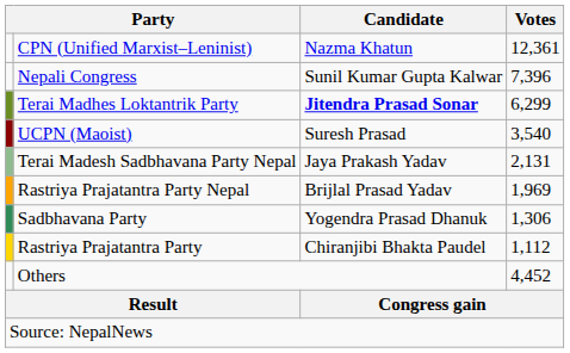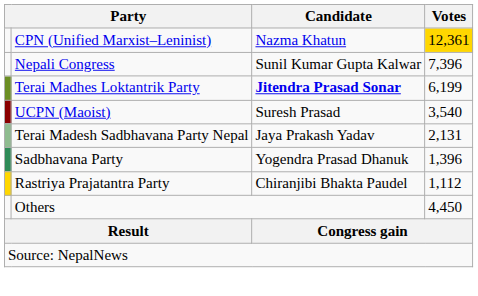 <table class="wikitable">
 <tr>
 <th colspan="2">Party</th>
 <th>Candidate</th>
 <th>Votes</th>
 </tr>
 <tr>
 <td style="background-color:"></td>
 <td><a href='#'>CPN (Unified Marxist–Leninist)</a></td>
 <td><a href='#'>Nazma Khatun</a></td>
-<td>12,361</td>
+<td style="background: gold;">12,361</td>
 </tr>
 <tr>
 <td style="background-color:"></td>
 <td><a href='#'>Nepali Congress</a></td>
 <td>Sunil Kumar Gupta Kalwar</td>
 <td>7,396</td>
 </tr>
 <tr>
 <td style="background-color:olivedrab"></td>
 <td><a href='#'>Terai Madhes Loktantrik Party</a></td>
 <td><strong><a href='#'>Jitendra Prasad Sonar</a></strong></td>
-<td>6,299</td>
+<td>6,199</td>
 </tr>
 <tr>
 <td style="background-color:darkred"></td>
 <td><a href='#'>UCPN (Maoist)</a></td>
 <td>Suresh Prasad</td>
 <td>3,540</td>
 </tr>
 <tr>
 <td style="background-color:darkseagreen"></td>
 <td>Terai Madesh Sadbhavana Party Nepal</td>
 <td>Jaya Prakash Yadav</td>
 <td>2,131</td>
 </tr>
 <tr>
-<td style="background-color:orange"></td>
-<td>Rastriya Prajatantra Party Nepal</td>
-<td>Brijlal Prasad Yadav</td>
-<td>1,969</td>
-</tr>
-<tr>
 <td style="background-color:seagreen"></td>
 <td>Sadbhavana Party</td>
 <td>Yogendra Prasad Dhanuk</td>
-<td>1,306</td>
+<td>1,396</td>
 </tr>
 <tr>
 <td style="background-color:gold"></td>
 <td>Rastriya Prajatantra Party</td>
 <td>Chiranjibi Bhakta Paudel</td>
 <td>1,112</td>
 </tr>
 <tr>
 <td></td>
 <td colspan="2">Others</td>
-<td>4,452</td>
+<td>4,450</td>
 </tr>
 <tr>
 <th colspan="2">Result</th>
 <th colspan="2">Congress gain</th>
 </tr>
 <tr>
 <td colspan="4">Source: NepalNews</td>
 </tr>
 </table>
